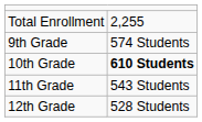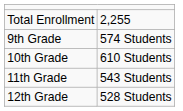 <table class="wikitable">
 <tr>
 <td colspan="2"></td>
 </tr>
 <tr>
 <td>Total Enrollment</td>
 <td>2,255</td>
 </tr>
 <tr>
 <td>9th Grade</td>
 <td>574 Students</td>
 </tr>
 <tr>
 <td>10th Grade</td>
-<td><strong>610 Students</strong></td>
+<td>610 Students</td>
 </tr>
 <tr>
 <td>11th Grade</td>
 <td>543 Students</td>
 </tr>
 <tr>
 <td>12th Grade</td>
 <td>528 Students</td>
 </tr>
 </table>
